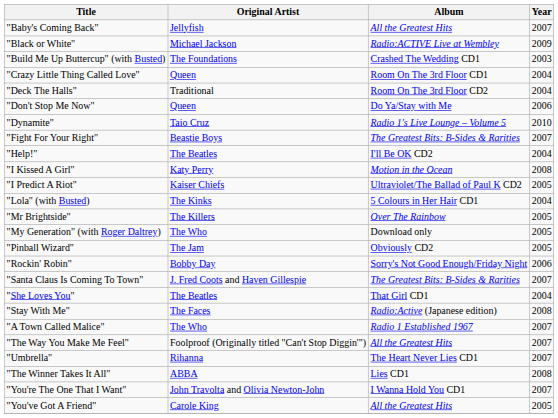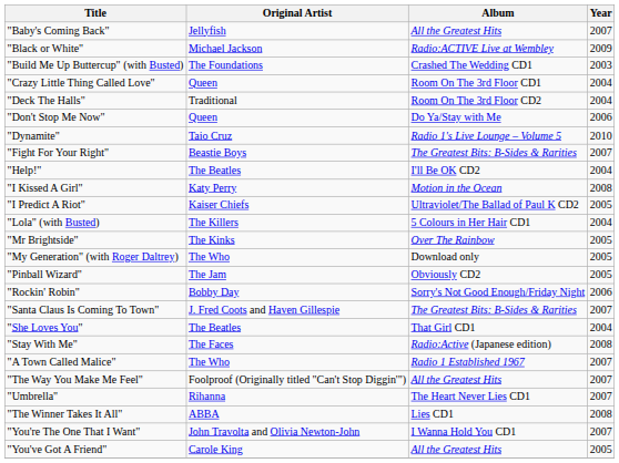 <table class="wikitable sortable">
 <tr>
 <th>Title</th>
 <th>Original Artist</th>
 <th>Album</th>
 <th>Year</th>
 </tr>
 <tr>
 <td><span></span>"Baby's Coming Back"</td>
 <td><a href='#'>Jellyfish</a></td>
 <td><em><a href='#'>All the Greatest Hits</a></em></td>
 <td>2007</td>
 </tr>
 <tr>
 <td>"Black or White"</td>
 <td><a href='#'>Michael Jackson</a></td>
 <td><em><a href='#'>Radio:ACTIVE Live at Wembley</a></em></td>
 <td>2009</td>
 </tr>
 <tr>
 <td>"Build Me Up Buttercup" (with <a href='#'>Busted</a>)</td>
 <td><a href='#'>The Foundations</a></td>
 <td><a href='#'>Crashed The Wedding</a> CD1</td>
 <td>2003</td>
 </tr>
 <tr>
 <td><span></span>"Crazy Little Thing Called Love"</td>
 <td><a href='#'>Queen</a></td>
 <td><a href='#'>Room On The 3rd Floor</a> CD1</td>
 <td>2004</td>
 </tr>
 <tr>
 <td><span></span>"Deck The Halls"</td>
 <td>Traditional</td>
 <td><a href='#'>Room On The 3rd Floor</a> CD2</td>
 <td>2004</td>
 </tr>
 <tr>
 <td>"Don't Stop Me Now"</td>
 <td><a href='#'>Queen</a></td>
 <td><a href='#'>Do Ya/Stay with Me</a></td>
 <td>2006</td>
 </tr>
 <tr>
 <td>"Dynamite"</td>
 <td><a href='#'>Taio Cruz</a></td>
 <td><em><a href='#'>Radio 1's Live Lounge – Volume 5</a></em></td>
 <td>2010</td>
 </tr>
 <tr>
 <td><span></span>"Fight For Your Right"</td>
 <td><a href='#'>Beastie Boys</a></td>
 <td><em><a href='#'>The Greatest Bits: B-Sides & Rarities</a></em></td>
 <td>2007</td>
 </tr>
 <tr>
 <td><span></span>"Help!"</td>
 <td><a href='#'>The Beatles</a></td>
 <td><a href='#'>I'll Be OK</a> CD2</td>
 <td>2004</td>
 </tr>
 <tr>
 <td><span></span>"I Kissed A Girl"</td>
 <td><a href='#'>Katy Perry</a></td>
 <td><em><a href='#'>Motion in the Ocean</a></em></td>
 <td>2008</td>
 </tr>
 <tr>
 <td>"I Predict A Riot"</td>
 <td><a href='#'>Kaiser Chiefs</a></td>
 <td><a href='#'>Ultraviolet/The Ballad of Paul K</a> CD2</td>
 <td>2005</td>
 </tr>
 <tr>
 <td><span></span>"Lola" (with <a href='#'>Busted</a>)</td>
-<td><a href='#'>The Kinks</a></td>
+<td><a href='#'>The Killers</a></td>
 <td><a href='#'>5 Colours in Her Hair</a> CD1</td>
 <td>2004</td>
 </tr>
 <tr>
 <td><span></span>"Mr Brightside"</td>
-<td><a href='#'>The Killers</a></td>
+<td><a href='#'>The Kinks</a></td>
 <td><em><a href='#'>Over The Rainbow</a></em></td>
 <td>2005</td>
 </tr>
 <tr>
 <td>"My Generation" (with <a href='#'>Roger Daltrey</a>)</td>
 <td><a href='#'>The Who</a></td>
 <td>Download only</td>
 <td>2005</td>
 </tr>
 <tr>
 <td><span></span>"Pinball Wizard"</td>
 <td><a href='#'>The Jam</a></td>
 <td><a href='#'>Obviously</a> CD2</td>
 <td>2005</td>
 </tr>
 <tr>
 <td><span></span>"Rockin' Robin"</td>
 <td><a href='#'>Bobby Day</a></td>
 <td><a href='#'>Sorry's Not Good Enough/Friday Night</a></td>
 <td>2006</td>
 </tr>
 <tr>
 <td><span></span>"Santa Claus Is Coming To Town"</td>
 <td><a href='#'>J. Fred Coots</a> and <a href='#'>Haven Gillespie</a></td>
 <td><em><a href='#'>The Greatest Bits: B-Sides & Rarities</a></em></td>
 <td>2007</td>
 </tr>
 <tr>
 <td>"<a href='#'>She Loves You</a>"</td>
 <td><a href='#'>The Beatles</a></td>
 <td><a href='#'>That Girl</a> CD1</td>
 <td>2004</td>
 </tr>
 <tr>
 <td>"Stay With Me"</td>
 <td><a href='#'>The Faces</a></td>
 <td><em><a href='#'>Radio:Active</a></em> (Japanese edition)</td>
 <td>2008</td>
 </tr>
 <tr>
 <td><span></span>"A Town Called Malice"</td>
 <td><a href='#'>The Who</a></td>
 <td><em><a href='#'>Radio 1 Established 1967</a></em></td>
 <td>2007</td>
 </tr>
 <tr>
 <td>"The Way You Make Me Feel"</td>
 <td>Foolproof (Originally titled "Can't Stop Diggin'")</td>
 <td><em><a href='#'>All the Greatest Hits</a></em></td>
 <td>2007</td>
 </tr>
 <tr>
 <td><span></span>"Umbrella"</td>
 <td><a href='#'>Rihanna</a></td>
 <td><a href='#'>The Heart Never Lies</a> CD1</td>
 <td>2007</td>
 </tr>
 <tr>
 <td><span></span>"The Winner Takes It All"</td>
 <td><a href='#'>ABBA</a></td>
 <td><a href='#'>Lies</a> CD1</td>
 <td>2008</td>
 </tr>
 <tr>
 <td><span></span>"You're The One That I Want"</td>
 <td><a href='#'>John Travolta</a> and <a href='#'>Olivia Newton-John</a></td>
 <td><a href='#'>I Wanna Hold You</a> CD1</td>
 <td>2007</td>
 </tr>
 <tr>
 <td>"You've Got A Friend"</td>
 <td><a href='#'>Carole King</a></td>
 <td><em><a href='#'>All the Greatest Hits</a></em></td>
 <td>2005</td>
 </tr>
 <tr>
 </tr>
 </table>
